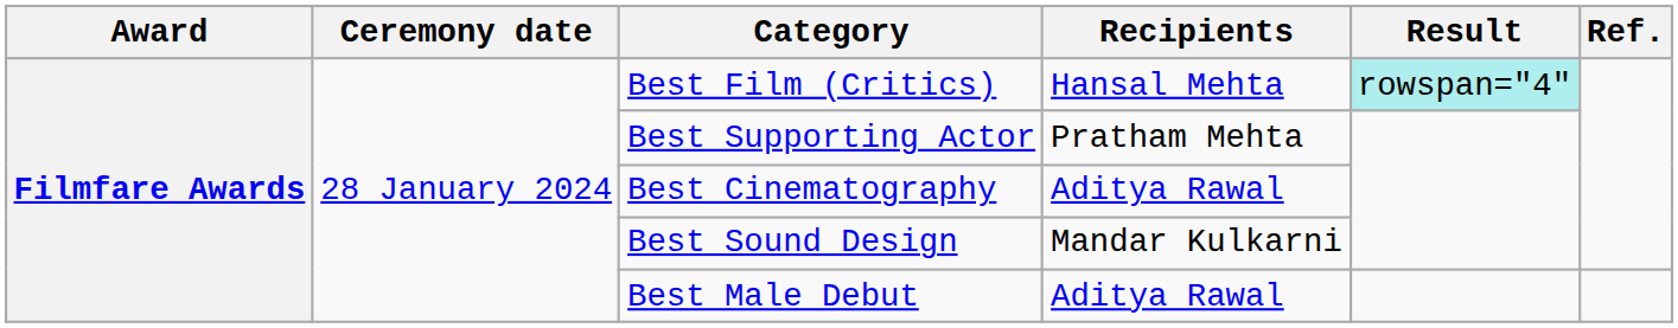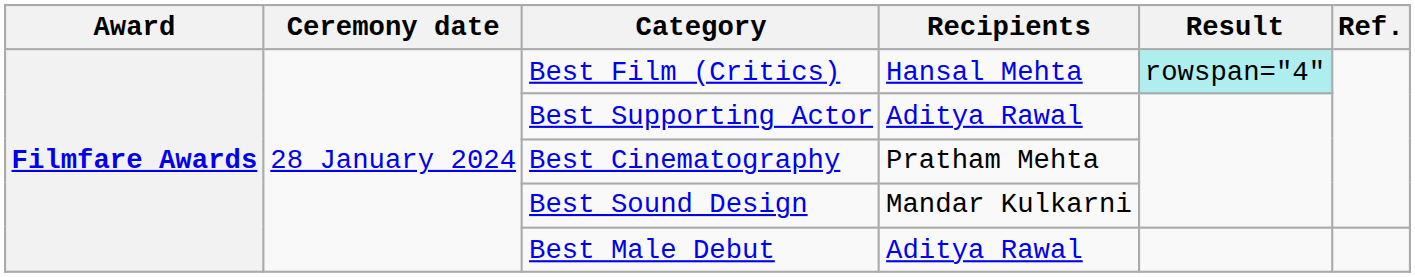 <table class="wikitable">
 <tr>
 <th>Award</th>
 <th>Ceremony date</th>
 <th>Category</th>
 <th>Recipients</th>
 <th>Result</th>
 <th>Ref.</th>
 </tr>
 <tr>
 <th rowspan="5" scope="row"><a href='#'>Filmfare Awards</a></th>
 <td rowspan="5"><a href='#'>28 January 2024</a></td>
 <td><a href='#'>Best Film (Critics)</a></td>
 <td><a href='#'>Hansal Mehta</a></td>
 <td style="background: paleturquoise;">rowspan="4" </td>
 <td rowspan="4" align="center"></td>
 </tr>
 <tr>
 <td><a href='#'>Best Supporting Actor</a></td>
-<td>Pratham Mehta</td>
+<td><a href='#'>Aditya Rawal</a></td>
 </tr>
 <tr>
 <td><a href='#'>Best Cinematography</a></td>
-<td><a href='#'>Aditya Rawal</a></td>
+<td>Pratham Mehta</td>
 </tr>
 <tr>
 <td><a href='#'>Best Sound Design</a></td>
 <td>Mandar Kulkarni</td>
 </tr>
 <tr>
 <td><a href='#'>Best Male Debut</a></td>
 <td><a href='#'>Aditya Rawal</a></td>
 <td></td>
 <td align="center"></td>
 </tr>
 </table>
